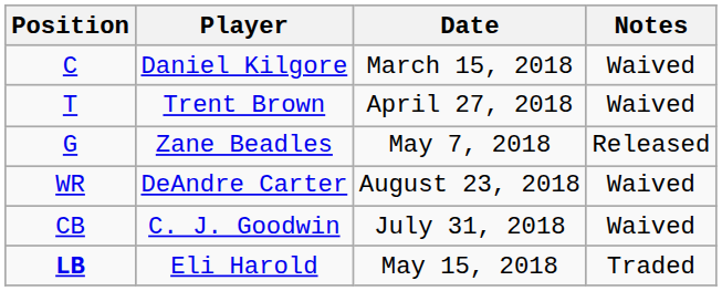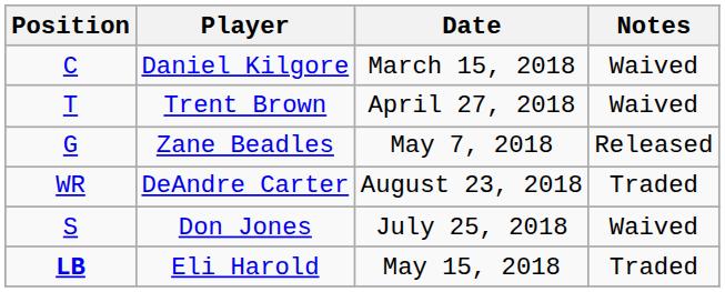 <table class="sortable wikitable" style="text-align:center">
 <tr>
 <th>Position</th>
 <th>Player</th>
 <th>Date</th>
 <th>Notes</th>
 </tr>
 <tr>
 <td><a href='#'>C</a></td>
 <td><a href='#'>Daniel Kilgore</a></td>
 <td>March 15, 2018</td>
 <td>Waived</td>
 </tr>
 <tr>
 <td><a href='#'>T</a></td>
 <td><a href='#'>Trent Brown</a></td>
 <td>April 27, 2018</td>
 <td>Waived</td>
 </tr>
 <tr>
 <td><a href='#'>G</a></td>
 <td><a href='#'>Zane Beadles</a></td>
 <td>May 7, 2018</td>
 <td>Released</td>
 </tr>
 <tr>
 <td><a href='#'>WR</a></td>
 <td><a href='#'>DeAndre Carter</a></td>
 <td>August 23, 2018</td>
-<td>Waived</td>
+<td>Traded</td>
 </tr>
 <tr>
-<td><a href='#'>CB</a></td>
-<td><a href='#'>C. J. Goodwin</a></td>
-<td>July 31, 2018</td>
+<td><a href='#'>S</a></td>
+<td><a href='#'>Don Jones</a></td>
+<td>July 25, 2018</td>
 <td>Waived</td>
 </tr>
 <tr>
 <td><strong><a href='#'>LB</a></strong></td>
 <td><a href='#'>Eli Harold</a></td>
 <td>May 15, 2018</td>
 <td>Traded</td>
 </tr>
 </table>
